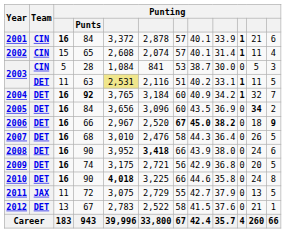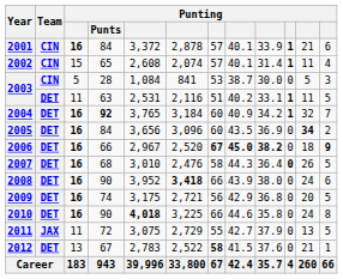 <table class=wikitable style="text-align:center;">
 <tr>
 <th rowspan="2">Year</th>
 <th rowspan="2">Team</th>
 <th colspan="10">Punting</th>
 </tr>
 <tr>
 <th></th>
 <th>Punts</th>
 <th></th>
 <th></th>
 <th></th>
 <th></th>
 <th></th>
 <th></th>
 <th></th>
 <th></th>
 </tr>
 <tr>
 <th><a href='#'>2001</a></th>
 <th><a href='#'>CIN</a></th>
 <td><strong>16</strong></td>
 <td>84</td>
 <td>3,372</td>
 <td>2,878</td>
 <td>57</td>
 <td>40.1</td>
 <td>33.9</td>
 <td><strong>1</strong></td>
 <td>21</td>
 <td>6</td>
 </tr>
 <tr>
 <th><a href='#'>2002</a></th>
 <th><a href='#'>CIN</a></th>
 <td>15</td>
 <td>65</td>
 <td>2,608</td>
 <td>2,074</td>
 <td>57</td>
 <td>40.1</td>
 <td>31.4</td>
 <td><strong>1</strong></td>
 <td>11</td>
 <td>4</td>
 </tr>
 <tr>
 <th rowspan="2"><a href='#'>2003</a></th>
 <th><a href='#'>CIN</a></th>
 <td>5</td>
 <td>28</td>
 <td>1,084</td>
 <td>841</td>
 <td>53</td>
 <td>38.7</td>
 <td>30.0</td>
 <td>0</td>
 <td>5</td>
 <td>3</td>
 </tr>
 <tr>
 <th><a href='#'>DET</a></th>
 <td>11</td>
 <td>63</td>
-<td style="background: khaki;">2,531</td>
+<td>2,531</td>
 <td>2,116</td>
 <td>51</td>
 <td>40.2</td>
 <td>33.1</td>
 <td><strong>1</strong></td>
 <td>11</td>
 <td>5</td>
 </tr>
 <tr>
 <th><a href='#'>2004</a></th>
 <th><a href='#'>DET</a></th>
 <td><strong>16</strong></td>
 <td><strong>92</strong></td>
 <td>3,765</td>
 <td>3,184</td>
 <td>60</td>
 <td>40.9</td>
 <td>34.2</td>
 <td><strong>1</strong></td>
 <td>32</td>
 <td>7</td>
 </tr>
 <tr>
 <th><a href='#'>2005</a></th>
 <th><a href='#'>DET</a></th>
 <td><strong>16</strong></td>
 <td>84</td>
 <td>3,656</td>
 <td>3,096</td>
 <td>60</td>
 <td>43.5</td>
 <td>36.9</td>
 <td>0</td>
 <td><strong>34</strong></td>
 <td>2</td>
 </tr>
 <tr>
 <th><a href='#'>2006</a></th>
 <th><a href='#'>DET</a></th>
 <td><strong>16</strong></td>
 <td>66</td>
 <td>2,967</td>
 <td>2,520</td>
 <td><strong>67</strong></td>
 <td><strong>45.0</strong></td>
 <td><strong>38.2</strong></td>
 <td>0</td>
 <td>18</td>
 <td><strong>9</strong></td>
 </tr>
 <tr>
 <th><a href='#'>2007</a></th>
 <th><a href='#'>DET</a></th>
 <td><strong>16</strong></td>
 <td>68</td>
 <td>3,010</td>
 <td>2,476</td>
 <td>58</td>
 <td>44.3</td>
 <td>36.4</td>
-<td>0</td>
+<td><strong>0</strong></td>
 <td>26</td>
 <td>5</td>
 </tr>
 <tr>
 <th><a href='#'>2008</a></th>
 <th><a href='#'>DET</a></th>
 <td><strong>16</strong></td>
 <td>90</td>
 <td>3,952</td>
 <td><strong>3,418</strong></td>
 <td>66</td>
 <td>43.9</td>
 <td>38.0</td>
 <td>0</td>
 <td>24</td>
 <td>6</td>
 </tr>
 <tr>
 <th><a href='#'>2009</a></th>
 <th><a href='#'>DET</a></th>
 <td><strong>16</strong></td>
 <td>74</td>
 <td>3,175</td>
 <td>2,721</td>
 <td>56</td>
 <td>42.9</td>
 <td>36.8</td>
 <td>0</td>
 <td>20</td>
 <td>5</td>
 </tr>
 <tr>
 <th><a href='#'>2010</a></th>
 <th><a href='#'>DET</a></th>
 <td><strong>16</strong></td>
 <td>90</td>
 <td><strong>4,018</strong></td>
 <td>3,225</td>
 <td>66</td>
 <td>44.6</td>
 <td>35.8</td>
 <td>0</td>
 <td>24</td>
 <td>8</td>
 </tr>
 <tr>
 <th><a href='#'>2011</a></th>
 <th><a href='#'>JAX</a></th>
 <td>11</td>
 <td>72</td>
 <td>3,075</td>
 <td>2,729</td>
 <td>55</td>
 <td>42.7</td>
 <td>37.9</td>
 <td>0</td>
 <td>13</td>
 <td>5</td>
 </tr>
 <tr>
 <th><a href='#'>2012</a></th>
 <th><a href='#'>DET</a></th>
 <td>13</td>
 <td>67</td>
 <td>2,783</td>
 <td>2,522</td>
-<td>58</td>
+<td><strong>58</strong></td>
 <td>41.5</td>
 <td>37.6</td>
 <td>0</td>
 <td>21</td>
 <td>1</td>
 </tr>
 <tr>
 <th colspan="2">Career</th>
 <th>183</th>
 <th>943</th>
 <th>39,996</th>
 <th>33,800</th>
 <th>67</th>
 <th>42.4</th>
 <th>35.7</th>
 <th>4</th>
 <th>260</th>
 <th>66</th>
 </tr>
 </table>
